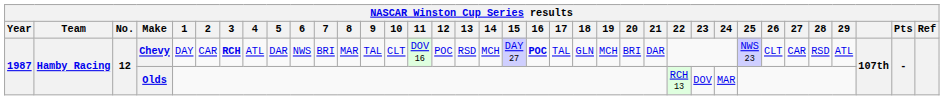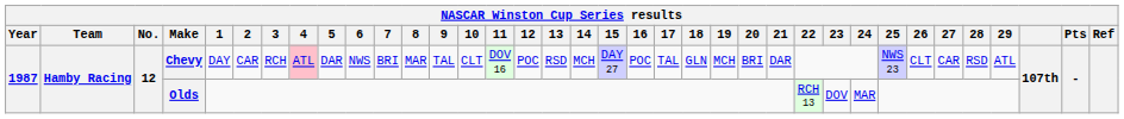 <table class="wikitable" style="text-align:center; font-size:75%">
 <tr>
 <th colspan=45><a href='#'>NASCAR Winston Cup Series</a> results</th>
 </tr>
 <tr>
 <th>Year</th>
 <th>Team</th>
 <th>No.</th>
 <th>Make</th>
 <th>1</th>
 <th>2</th>
 <th>3</th>
 <th>4</th>
 <th>5</th>
 <th>6</th>
 <th>7</th>
 <th>8</th>
 <th>9</th>
 <th>10</th>
 <th>11</th>
 <th>12</th>
 <th>13</th>
 <th>14</th>
 <th>15</th>
 <th>16</th>
 <th>17</th>
 <th>18</th>
 <th>19</th>
 <th>20</th>
 <th>21</th>
 <th>22</th>
 <th>23</th>
 <th>24</th>
 <th>25</th>
 <th>26</th>
 <th>27</th>
 <th>28</th>
 <th>29</th>
 <th></th>
 <th>Pts</th>
 <th>Ref</th>
 </tr>
 <tr>
 <th rowspan=2><a href='#'>1987</a></th>
 <th rowspan=2><a href='#'>Hamby Racing</a></th>
 <th rowspan=2>12</th>
 <th><a href='#'>Chevy</a></th>
 <td><a href='#'>DAY</a></td>
 <td><a href='#'>CAR</a></td>
-<td><strong><a href='#'>RCH</a></strong></td>
-<td><a href='#'>ATL</a></td>
+<td><a href='#'>RCH</a></td>
+<td style="background: pink;"><a href='#'>ATL</a></td>
 <td><a href='#'>DAR</a></td>
 <td><a href='#'>NWS</a></td>
 <td><a href='#'>BRI</a></td>
 <td><a href='#'>MAR</a></td>
 <td><a href='#'>TAL</a></td>
 <td><a href='#'>CLT</a></td>
 <td style="background:#DFFFDF;"><a href='#'>DOV</a><br><small>16</small></td>
 <td><a href='#'>POC</a></td>
 <td><a href='#'>RSD</a></td>
 <td><a href='#'>MCH</a></td>
 <td style="background:#CFCFFF;"><a href='#'>DAY</a><br><small>27</small></td>
-<td><strong><a href='#'>POC</a></strong></td>
+<td><a href='#'>POC</a></td>
 <td><a href='#'>TAL</a></td>
 <td><a href='#'>GLN</a></td>
 <td><a href='#'>MCH</a></td>
 <td><a href='#'>BRI</a></td>
 <td><a href='#'>DAR</a></td>
 <td colspan=3></td>
 <td style="background:#CFCFFF;"><a href='#'>NWS</a><br><small>23</small></td>
 <td><a href='#'>CLT</a></td>
 <td><a href='#'>CAR</a></td>
 <td><a href='#'>RSD</a></td>
 <td><a href='#'>ATL</a></td>
 <th rowspan=2>107th</th>
 <th rowspan=2>-</th>
 <th rowspan=2></th>
 </tr>
 <tr>
 <th><a href='#'>Olds</a></th>
 <td colspan=21></td>
 <td style="background:#DFFFDF;"><a href='#'>RCH</a><br><small>13</small></td>
 <td><a href='#'>DOV</a></td>
 <td><a href='#'>MAR</a></td>
 <td colspan=5></td>
 </tr>
 </table>
